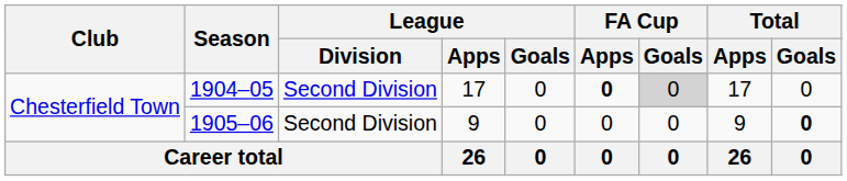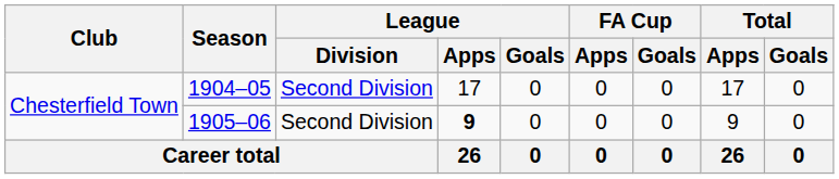 <table class="wikitable" style="text-align: center">
 <tr>
 <th rowspan="2">Club</th>
 <th rowspan="2">Season</th>
 <th colspan="3">League</th>
 <th colspan="2">FA Cup</th>
 <th colspan="2">Total</th>
 </tr>
 <tr>
 <th>Division</th>
 <th>Apps</th>
 <th>Goals</th>
 <th>Apps</th>
 <th>Goals</th>
 <th>Apps</th>
 <th>Goals</th>
 </tr>
 <tr>
 <td rowspan="2"><a href='#'>Chesterfield Town</a></td>
 <td><a href='#'>1904–05</a></td>
 <td><a href='#'>Second Division</a></td>
 <td>17</td>
 <td>0</td>
-<td><strong>0</strong></td>
-<td style="background: lightgrey;">0</td>
+<td>0</td>
+<td>0</td>
 <td>17</td>
 <td>0</td>
 </tr>
 <tr>
 <td><a href='#'>1905–06</a></td>
 <td>Second Division</td>
-<td>9</td>
+<td><strong>9</strong></td>
 <td>0</td>
 <td>0</td>
 <td>0</td>
 <td>9</td>
-<td><strong>0</strong></td>
+<td>0</td>
 </tr>
 <tr>
 <th colspan="3">Career total</th>
 <th>26</th>
 <th>0</th>
 <th>0</th>
 <th>0</th>
 <th>26</th>
 <th>0</th>
 </tr>
 </table>
